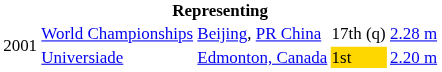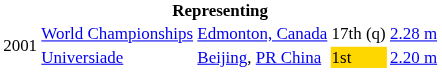 <table>
 <tr>
 <th colspan="5">Representing </th>
 </tr>
 <tr>
 <td rowspan=2>2001</td>
 <td><a href='#'>World Championships</a></td>
-<td><a href='#'>Beijing</a>, <a href='#'>PR China</a></td>
+<td><a href='#'>Edmonton, Canada</a></td>
 <td>17th (q)</td>
 <td><a href='#'>2.28 m</a></td>
 </tr>
 <tr>
 <td><a href='#'>Universiade</a></td>
-<td><a href='#'>Edmonton, Canada</a></td>
+<td><a href='#'>Beijing</a>, <a href='#'>PR China</a></td>
 <td bgcolor="gold">1st</td>
 <td><a href='#'>2.20 m</a></td>
 </tr>
 </table>
